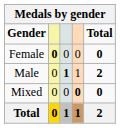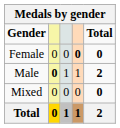 <table class=wikitable style=font-size:85%>
 <tr style="background:#efefef;">
 <th colspan=7><strong>Medals by gender</strong></th>
 </tr>
 <tr align=center>
 <td><strong>Gender</strong></td>
 <td bgcolor=#f7f6a8></td>
 <td bgcolor=#dce5e5></td>
 <td bgcolor=#ffdab9></td>
 <td><strong>Total</strong></td>
 </tr>
 <tr align=center>
 <td>Female</td>
-<td style="background:#F7F6A8;"><strong>0</strong></td>
+<td style="background:#F7F6A8;">0</td>
 <td style="background:#DCE5E5;">0</td>
-<td style="background:#FFDAB9;">0</td>
+<td style="background:#FFDAB9;"><strong>0</strong></td>
 <td><strong>0</strong></td>
 </tr>
 <tr align=center>
 <td>Male</td>
-<td style="background:#F7F6A8;">0</td>
-<td style="background:#DCE5E5;"><strong>1</strong></td>
+<td style="background:#F7F6A8;"><strong>0</strong></td>
+<td style="background:#DCE5E5;">1</td>
 <td style="background:#FFDAB9;">1</td>
 <td><strong>2</strong></td>
 </tr>
 <tr align=center>
 <td>Mixed</td>
 <td style="background:#F7F6A8;">0</td>
 <td style="background:#DCE5E5;">0</td>
-<td style="background:#FFDAB9;"><strong>0</strong></td>
+<td style="background:#FFDAB9;">0</td>
 <td><strong>0</strong></td>
 </tr>
 <tr align=center>
 <th><strong>Total</strong></th>
 <th style="background:gold;"><strong>0</strong></th>
 <th style="background:silver;"><strong>1</strong></th>
 <th style="background:#c96;"><strong>1</strong></th>
 <th><strong>2</strong></th>
 </tr>
 </table>
